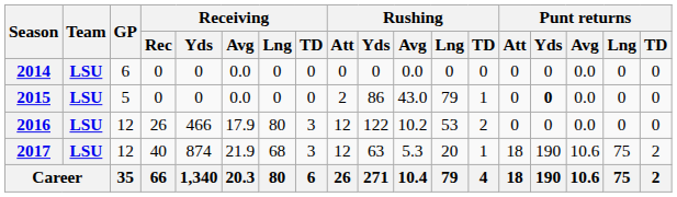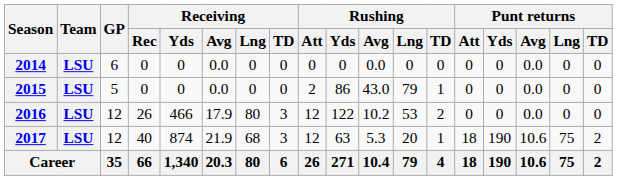 <table class="wikitable" style="text-align:center;">
 <tr>
 <th rowspan="2">Season</th>
 <th rowspan="2">Team</th>
 <th rowspan="2">GP</th>
 <th colspan="5">Receiving</th>
 <th colspan="5">Rushing</th>
 <th colspan="5">Punt returns</th>
 </tr>
 <tr>
 <th>Rec</th>
 <th>Yds</th>
 <th>Avg</th>
 <th>Lng</th>
 <th>TD</th>
 <th>Att</th>
 <th>Yds</th>
 <th>Avg</th>
 <th>Lng</th>
 <th>TD</th>
 <th>Att</th>
 <th>Yds</th>
 <th>Avg</th>
 <th>Lng</th>
 <th>TD</th>
 </tr>
 <tr>
 <th><a href='#'>2014</a></th>
 <th><a href='#'>LSU</a></th>
 <td>6</td>
 <td>0</td>
 <td>0</td>
 <td>0.0</td>
 <td>0</td>
 <td>0</td>
 <td>0</td>
 <td>0</td>
 <td>0.0</td>
 <td>0</td>
 <td>0</td>
 <td>0</td>
 <td>0</td>
 <td>0.0</td>
 <td>0</td>
 <td>0</td>
 </tr>
 <tr>
 <th><a href='#'>2015</a></th>
 <th><a href='#'>LSU</a></th>
 <td>5</td>
 <td>0</td>
 <td>0</td>
 <td>0.0</td>
 <td>0</td>
 <td>0</td>
 <td>2</td>
 <td>86</td>
 <td>43.0</td>
 <td>79</td>
 <td>1</td>
 <td>0</td>
-<td><strong>0</strong></td>
+<td>0</td>
 <td>0.0</td>
 <td>0</td>
 <td>0</td>
 </tr>
 <tr>
 <th><a href='#'>2016</a></th>
 <th><a href='#'>LSU</a></th>
 <td>12</td>
 <td>26</td>
 <td>466</td>
 <td>17.9</td>
 <td>80</td>
 <td>3</td>
 <td>12</td>
 <td>122</td>
 <td>10.2</td>
 <td>53</td>
 <td>2</td>
 <td>0</td>
 <td>0</td>
 <td>0.0</td>
 <td>0</td>
 <td>0</td>
 </tr>
 <tr>
 <th><a href='#'>2017</a></th>
 <th><a href='#'>LSU</a></th>
 <td>12</td>
 <td>40</td>
 <td>874</td>
 <td>21.9</td>
 <td>68</td>
 <td>3</td>
 <td>12</td>
 <td>63</td>
 <td>5.3</td>
 <td>20</td>
 <td>1</td>
 <td>18</td>
 <td>190</td>
 <td>10.6</td>
 <td>75</td>
 <td>2</td>
 </tr>
 <tr>
 <th colspan="2">Career</th>
 <th>35</th>
 <th>66</th>
 <th>1,340</th>
 <th>20.3</th>
 <th>80</th>
 <th>6</th>
 <th>26</th>
 <th>271</th>
 <th>10.4</th>
 <th>79</th>
 <th>4</th>
 <th>18</th>
 <th>190</th>
 <th>10.6</th>
 <th>75</th>
 <th>2</th>
 </tr>
 </table>
